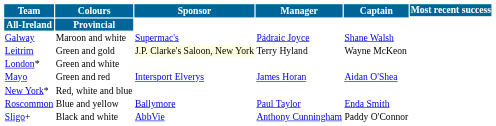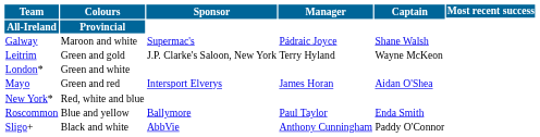 <table cellpadding="1" 1px #aaa 90%;">
 <tr style="background:#069; color:white;">
 <th rowspan="2">Team</th>
 <th rowspan="2">Colours</th>
 <th rowspan="2">Sponsor</th>
 <th rowspan="2">Manager</th>
 <th rowspan="2">Captain</th>
 <th colspan="2">Most recent success</th>
 </tr>
 <tr>
 </tr>
 <tr style="background:#069; color:white;">
 <th>All-Ireland</th>
 <th>Provincial</th>
 </tr>
 <tr>
 <td><a href='#'>Galway</a></td>
 <td> Maroon and white</td>
 <td><a href='#'>Supermac's</a></td>
 <td><a href='#'>Pádraic Joyce</a></td>
 <td><a href='#'>Shane Walsh</a></td>
 <td></td>
 <td></td>
 </tr>
 <tr>
 <td><a href='#'>Leitrim</a></td>
 <td> Green and gold</td>
-<td style="background: lightyellow;">J.P. Clarke's Saloon, New York</td>
+<td>J.P. Clarke's Saloon, New York</td>
 <td>Terry Hyland</td>
 <td>Wayne McKeon</td>
 <td></td>
 <td></td>
 </tr>
 <tr>
 <td><a href='#'>London</a>*</td>
 <td> Green and white</td>
 <td></td>
 <td></td>
 <td></td>
 <td></td>
 <td></td>
 </tr>
 <tr>
 <td><a href='#'>Mayo</a></td>
 <td> Green and red</td>
 <td><a href='#'>Intersport Elverys</a></td>
 <td><a href='#'>James Horan</a></td>
 <td><a href='#'>Aidan O'Shea</a></td>
 <td></td>
 <td></td>
 </tr>
 <tr>
 <td><a href='#'>New York</a>*</td>
 <td> Red, white and blue</td>
 <td></td>
 <td></td>
 <td></td>
 <td></td>
 <td></td>
 </tr>
 <tr>
 <td><a href='#'>Roscommon</a></td>
 <td> Blue and yellow</td>
 <td><a href='#'>Ballymore</a></td>
 <td><a href='#'>Paul Taylor</a></td>
 <td><a href='#'>Enda Smith</a></td>
 <td></td>
 <td></td>
 </tr>
 <tr>
 <td><a href='#'>Sligo</a>+</td>
 <td> Black and white</td>
 <td><a href='#'>AbbVie</a></td>
 <td><a href='#'>Anthony Cunningham</a></td>
 <td>Paddy O'Connor</td>
 <td></td>
 <td></td>
 </tr>
 </table>
